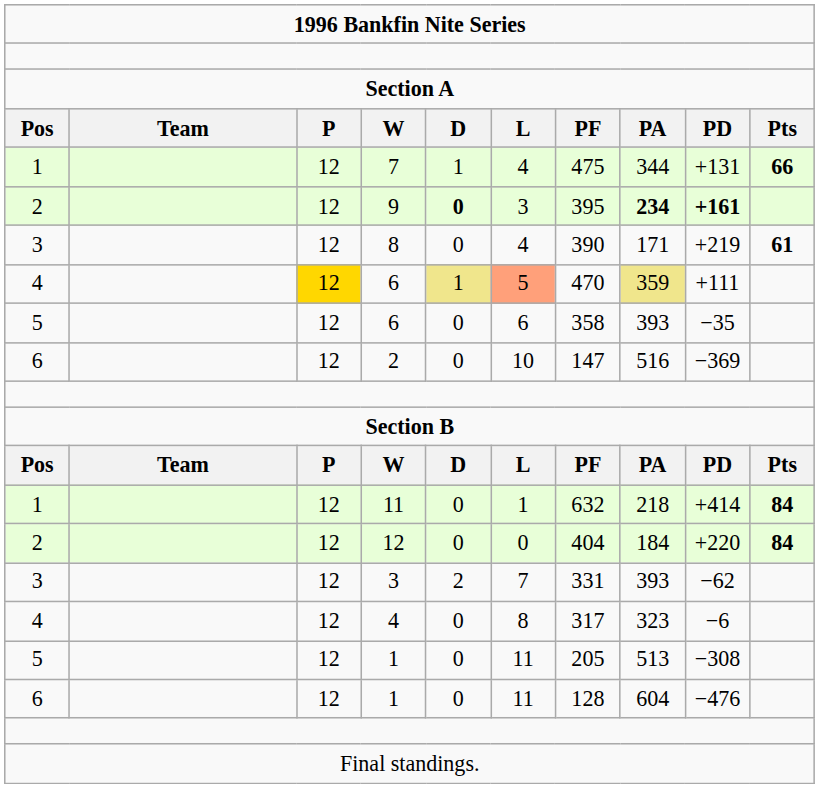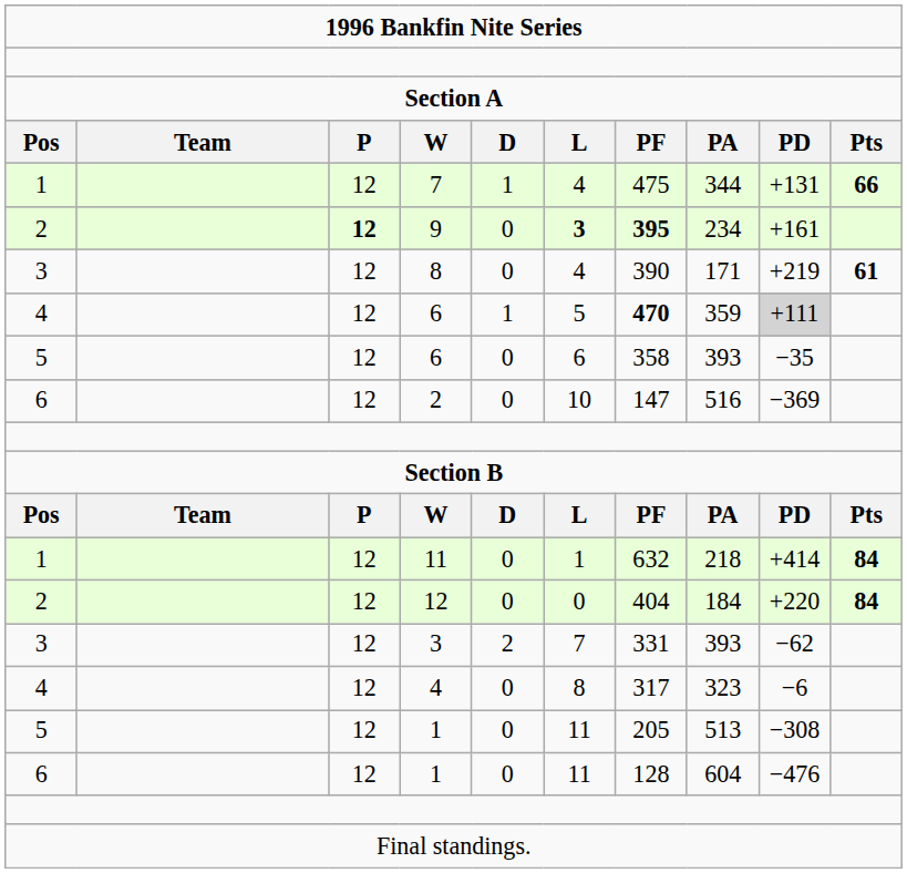 <table class="wikitable" style="text-align:center; line-height:130%; font-size:90%; width:60%;">
 <tr>
 <td colspan="100%" cellpadding="0" cellspacing="0"><strong>1996 Bankfin Nite Series</strong></td>
 </tr>
 <tr>
 <td colspan="100%" cellpadding="0" cellspacing="0" style="height: 10px;"></td>
 </tr>
 <tr>
 <td colspan="100%" cellpadding="0" cellspacing="0"><strong>Section A</strong></td>
 </tr>
 <tr>
 <th style="width:8%;">Pos</th>
 <th style="width:28%;">Team</th>
 <th style="width:8%;">P</th>
 <th style="width:8%;">W</th>
 <th style="width:8%;">D</th>
 <th style="width:8%;">L</th>
 <th style="width:8%;">PF</th>
 <th style="width:8%;">PA</th>
 <th style="width:8%;">PD</th>
 <th style="width:8%;">Pts<br></th>
 </tr>
 <tr style="background:#E8FFD8;">
 <td>1</td>
 <td style="text-align:left;"></td>
 <td>12</td>
 <td>7</td>
 <td>1</td>
 <td>4</td>
 <td>475</td>
 <td>344</td>
 <td>+131</td>
 <td><strong>66</strong></td>
 </tr>
 <tr style="background:#E8FFD8;">
 <td>2</td>
 <td style="text-align:left;"></td>
-<td>12</td>
+<td><strong>12</strong></td>
 <td>9</td>
-<td><strong>0</strong></td>
-<td>3</td>
-<td>395</td>
-<td><strong>234</strong></td>
-<td><strong>+161</strong></td>
+<td>0</td>
+<td><strong>3</strong></td>
+<td><strong>395</strong></td>
+<td>234</td>
+<td>+161</td>
 <td></td>
 </tr>
 <tr>
 <td>3</td>
 <td style="text-align:left;"></td>
 <td>12</td>
 <td>8</td>
 <td>0</td>
 <td>4</td>
 <td>390</td>
 <td>171</td>
 <td>+219</td>
 <td><strong>61</strong></td>
 </tr>
 <tr>
 <td>4</td>
 <td style="text-align:left;"></td>
-<td style="background: gold;">12</td>
+<td>12</td>
 <td>6</td>
-<td style="background: khaki;">1</td>
-<td style="background: lightsalmon;">5</td>
-<td>470</td>
-<td style="background: khaki;">359</td>
-<td>+111</td>
+<td>1</td>
+<td>5</td>
+<td><strong>470</strong></td>
+<td>359</td>
+<td style="background: lightgrey;">+111</td>
 <td></td>
 </tr>
 <tr>
 <td>5</td>
 <td style="text-align:left;"></td>
 <td>12</td>
 <td>6</td>
 <td>0</td>
 <td>6</td>
 <td>358</td>
 <td>393</td>
 <td>−35</td>
 <td></td>
 </tr>
 <tr>
 <td>6</td>
 <td style="text-align:left;"></td>
 <td>12</td>
 <td>2</td>
 <td>0</td>
 <td>10</td>
 <td>147</td>
 <td>516</td>
 <td>−369</td>
 <td></td>
 </tr>
 <tr>
 <td colspan="15" cellpadding="0" cellspacing="0" style="height: 10px;"></td>
 </tr>
 <tr>
 <td colspan="15" cellpadding="0" cellspacing="0"><strong>Section B</strong></td>
 </tr>
 <tr>
 <th style="width:8%;">Pos</th>
 <th style="width:28%;">Team</th>
 <th style="width:8%;">P</th>
 <th style="width:8%;">W</th>
 <th style="width:8%;">D</th>
 <th style="width:8%;">L</th>
 <th style="width:8%;">PF</th>
 <th style="width:8%;">PA</th>
 <th style="width:8%;">PD</th>
 <th style="width:8%;">Pts<br></th>
 </tr>
 <tr style="background:#E8FFD8;">
 <td>1</td>
 <td style="text-align:left;"></td>
 <td>12</td>
 <td>11</td>
 <td>0</td>
 <td>1</td>
 <td>632</td>
 <td>218</td>
 <td>+414</td>
 <td><strong>84</strong></td>
 </tr>
 <tr style="background:#E8FFD8;">
 <td>2</td>
 <td style="text-align:left;"></td>
 <td>12</td>
 <td>12</td>
 <td>0</td>
 <td>0</td>
 <td>404</td>
 <td>184</td>
 <td>+220</td>
 <td><strong>84</strong></td>
 </tr>
 <tr>
 <td>3</td>
 <td style="text-align:left;"></td>
 <td>12</td>
 <td>3</td>
 <td>2</td>
 <td>7</td>
 <td>331</td>
 <td>393</td>
 <td>−62</td>
 <td></td>
 </tr>
 <tr>
 <td>4</td>
 <td style="text-align:left;"></td>
 <td>12</td>
 <td>4</td>
 <td>0</td>
 <td>8</td>
 <td>317</td>
 <td>323</td>
 <td>−6</td>
 <td></td>
 </tr>
 <tr>
 <td>5</td>
 <td style="text-align:left;"></td>
 <td>12</td>
 <td>1</td>
 <td>0</td>
 <td>11</td>
 <td>205</td>
 <td>513</td>
 <td>−308</td>
 <td></td>
 </tr>
 <tr>
 <td>6</td>
 <td style="text-align:left;"></td>
 <td>12</td>
 <td>1</td>
 <td>0</td>
 <td>11</td>
 <td>128</td>
 <td>604</td>
 <td>−476</td>
 <td></td>
 </tr>
 <tr>
 <td colspan="100%" cellpadding="0" cellspacing="0" style="height: 10px;"></td>
 </tr>
 <tr>
 <td colspan="100%" cellpadding="0" cellspacing="0">Final standings.</td>
 </tr>
 </table>
